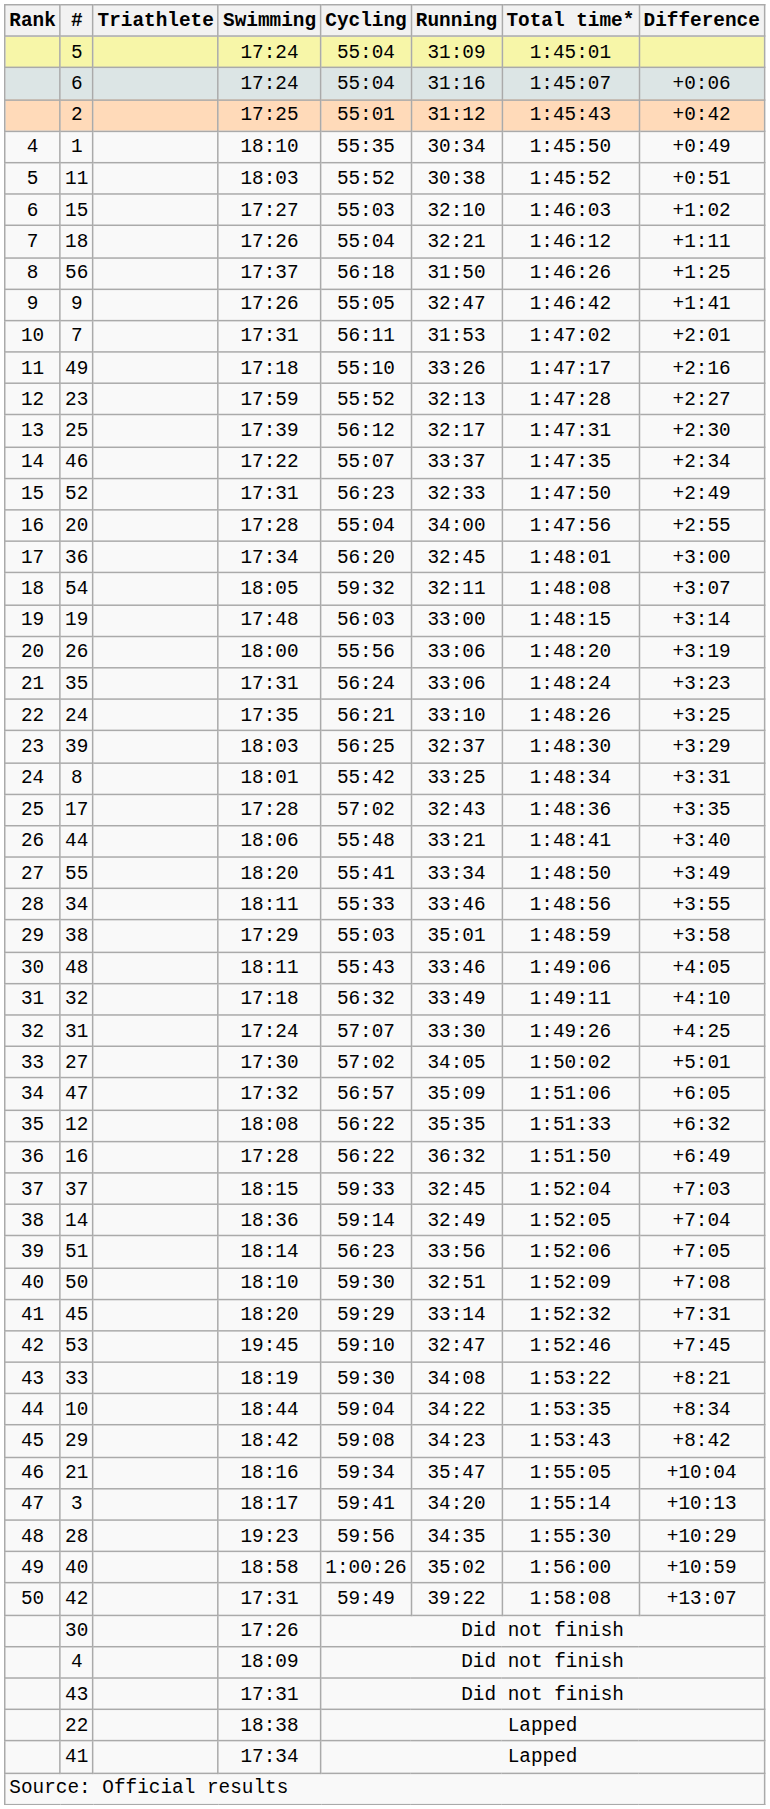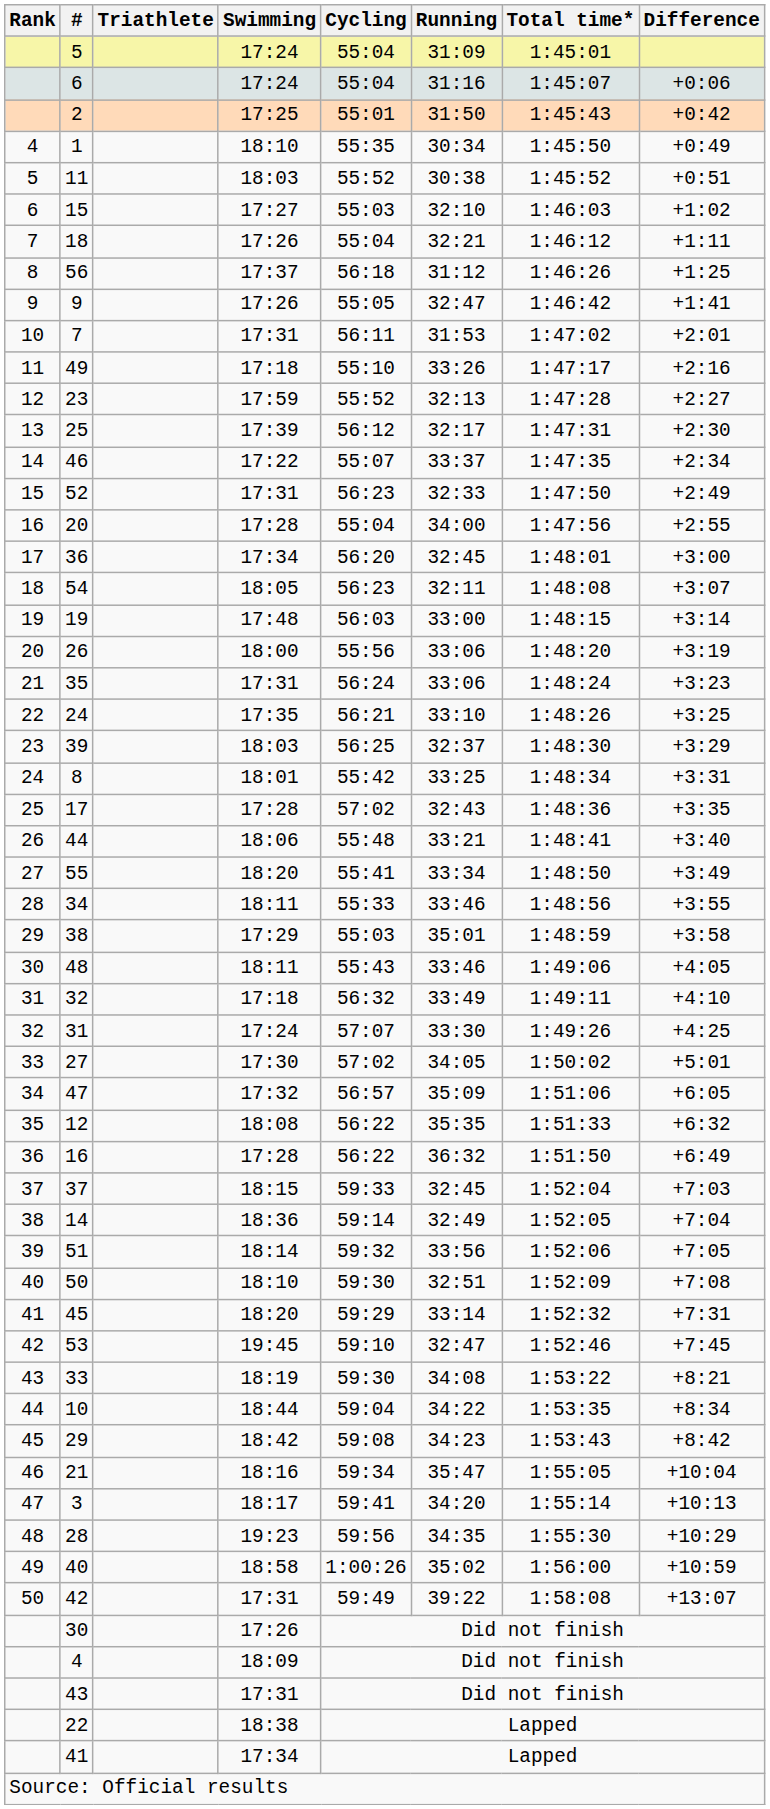 <table class="wikitable sortable" style="text-align:center">
 <tr>
 <th data-sort-type="number">Rank</th>
 <th>#</th>
 <th>Triathlete</th>
 <th>Swimming</th>
 <th>Cycling</th>
 <th>Running</th>
 <th>Total time*</th>
 <th>Difference</th>
 </tr>
 <tr style="background:#F7F6A8;”">
 <td></td>
 <td>5</td>
 <td align=left></td>
 <td>17:24</td>
 <td>55:04</td>
 <td>31:09</td>
 <td>1:45:01</td>
 <td></td>
 </tr>
 <tr style="background:#DCE5E5;”">
 <td></td>
 <td>6</td>
 <td align=left></td>
 <td>17:24</td>
 <td>55:04</td>
 <td>31:16</td>
 <td>1:45:07</td>
 <td>+0:06</td>
 </tr>
 <tr style="background:#FFDAB9;">
 <td></td>
 <td>2</td>
 <td align=left></td>
 <td>17:25</td>
 <td>55:01</td>
-<td>31:12</td>
+<td>31:50</td>
 <td>1:45:43</td>
 <td>+0:42</td>
 </tr>
 <tr>
 <td>4</td>
 <td>1</td>
 <td align=left></td>
 <td>18:10</td>
 <td>55:35</td>
 <td>30:34</td>
 <td>1:45:50</td>
 <td>+0:49</td>
 </tr>
 <tr>
 <td>5</td>
 <td>11</td>
 <td align=left></td>
 <td>18:03</td>
 <td>55:52</td>
 <td>30:38</td>
 <td>1:45:52</td>
 <td>+0:51</td>
 </tr>
 <tr>
 <td>6</td>
 <td>15</td>
 <td align=left></td>
 <td>17:27</td>
 <td>55:03</td>
 <td>32:10</td>
 <td>1:46:03</td>
 <td>+1:02</td>
 </tr>
 <tr>
 <td>7</td>
 <td>18</td>
 <td align=left></td>
 <td>17:26</td>
 <td>55:04</td>
 <td>32:21</td>
 <td>1:46:12</td>
 <td>+1:11</td>
 </tr>
 <tr>
 <td>8</td>
 <td>56</td>
 <td align=left></td>
 <td>17:37</td>
 <td>56:18</td>
-<td>31:50</td>
+<td>31:12</td>
 <td>1:46:26</td>
 <td>+1:25</td>
 </tr>
 <tr>
 <td>9</td>
 <td>9</td>
 <td align=left></td>
 <td>17:26</td>
 <td>55:05</td>
 <td>32:47</td>
 <td>1:46:42</td>
 <td>+1:41</td>
 </tr>
 <tr>
 <td>10</td>
 <td>7</td>
 <td align=left></td>
 <td>17:31</td>
 <td>56:11</td>
 <td>31:53</td>
 <td>1:47:02</td>
 <td>+2:01</td>
 </tr>
 <tr>
 <td>11</td>
 <td>49</td>
 <td align=left></td>
 <td>17:18</td>
 <td>55:10</td>
 <td>33:26</td>
 <td>1:47:17</td>
 <td>+2:16</td>
 </tr>
 <tr>
 <td>12</td>
 <td>23</td>
 <td align=left></td>
 <td>17:59</td>
 <td>55:52</td>
 <td>32:13</td>
 <td>1:47:28</td>
 <td>+2:27</td>
 </tr>
 <tr>
 <td>13</td>
 <td>25</td>
 <td align=left></td>
 <td>17:39</td>
 <td>56:12</td>
 <td>32:17</td>
 <td>1:47:31</td>
 <td>+2:30</td>
 </tr>
 <tr>
 <td>14</td>
 <td>46</td>
 <td align=left></td>
 <td>17:22</td>
 <td>55:07</td>
 <td>33:37</td>
 <td>1:47:35</td>
 <td>+2:34</td>
 </tr>
 <tr>
 <td>15</td>
 <td>52</td>
 <td align=left></td>
 <td>17:31</td>
 <td>56:23</td>
 <td>32:33</td>
 <td>1:47:50</td>
 <td>+2:49</td>
 </tr>
 <tr>
 <td>16</td>
 <td>20</td>
 <td align=left></td>
 <td>17:28</td>
 <td>55:04</td>
 <td>34:00</td>
 <td>1:47:56</td>
 <td>+2:55</td>
 </tr>
 <tr>
 <td>17</td>
 <td>36</td>
 <td align=left></td>
 <td>17:34</td>
 <td>56:20</td>
 <td>32:45</td>
 <td>1:48:01</td>
 <td>+3:00</td>
 </tr>
 <tr>
 <td>18</td>
 <td>54</td>
 <td align=left></td>
 <td>18:05</td>
-<td>59:32</td>
+<td>56:23</td>
 <td>32:11</td>
 <td>1:48:08</td>
 <td>+3:07</td>
 </tr>
 <tr>
 <td>19</td>
 <td>19</td>
 <td align=left></td>
 <td>17:48</td>
 <td>56:03</td>
 <td>33:00</td>
 <td>1:48:15</td>
 <td>+3:14</td>
 </tr>
 <tr>
 <td>20</td>
 <td>26</td>
 <td align=left></td>
 <td>18:00</td>
 <td>55:56</td>
 <td>33:06</td>
 <td>1:48:20</td>
 <td>+3:19</td>
 </tr>
 <tr>
 <td>21</td>
 <td>35</td>
 <td align=left></td>
 <td>17:31</td>
 <td>56:24</td>
 <td>33:06</td>
 <td>1:48:24</td>
 <td>+3:23</td>
 </tr>
 <tr>
 <td>22</td>
 <td>24</td>
 <td align=left></td>
 <td>17:35</td>
 <td>56:21</td>
 <td>33:10</td>
 <td>1:48:26</td>
 <td>+3:25</td>
 </tr>
 <tr>
 <td>23</td>
 <td>39</td>
 <td align=left></td>
 <td>18:03</td>
 <td>56:25</td>
 <td>32:37</td>
 <td>1:48:30</td>
 <td>+3:29</td>
 </tr>
 <tr>
 <td>24</td>
 <td>8</td>
 <td align=left></td>
 <td>18:01</td>
 <td>55:42</td>
 <td>33:25</td>
 <td>1:48:34</td>
 <td>+3:31</td>
 </tr>
 <tr>
 <td>25</td>
 <td>17</td>
 <td align=left></td>
 <td>17:28</td>
 <td>57:02</td>
 <td>32:43</td>
 <td>1:48:36</td>
 <td>+3:35</td>
 </tr>
 <tr>
 <td>26</td>
 <td>44</td>
 <td align=left></td>
 <td>18:06</td>
 <td>55:48</td>
 <td>33:21</td>
 <td>1:48:41</td>
 <td>+3:40</td>
 </tr>
 <tr>
 <td>27</td>
 <td>55</td>
 <td align=left></td>
 <td>18:20</td>
 <td>55:41</td>
 <td>33:34</td>
 <td>1:48:50</td>
 <td>+3:49</td>
 </tr>
 <tr>
 <td>28</td>
 <td>34</td>
 <td align=left></td>
 <td>18:11</td>
 <td>55:33</td>
 <td>33:46</td>
 <td>1:48:56</td>
 <td>+3:55</td>
 </tr>
 <tr>
 <td>29</td>
 <td>38</td>
 <td align=left></td>
 <td>17:29</td>
 <td>55:03</td>
 <td>35:01</td>
 <td>1:48:59</td>
 <td>+3:58</td>
 </tr>
 <tr>
 <td>30</td>
 <td>48</td>
 <td align=left></td>
 <td>18:11</td>
 <td>55:43</td>
 <td>33:46</td>
 <td>1:49:06</td>
 <td>+4:05</td>
 </tr>
 <tr>
 <td>31</td>
 <td>32</td>
 <td align=left></td>
 <td>17:18</td>
 <td>56:32</td>
 <td>33:49</td>
 <td>1:49:11</td>
 <td>+4:10</td>
 </tr>
 <tr>
 <td>32</td>
 <td>31</td>
 <td align=left></td>
 <td>17:24</td>
 <td>57:07</td>
 <td>33:30</td>
 <td>1:49:26</td>
 <td>+4:25</td>
 </tr>
 <tr>
 <td>33</td>
 <td>27</td>
 <td align=left></td>
 <td>17:30</td>
 <td>57:02</td>
 <td>34:05</td>
 <td>1:50:02</td>
 <td>+5:01</td>
 </tr>
 <tr>
 <td>34</td>
 <td>47</td>
 <td align=left></td>
 <td>17:32</td>
 <td>56:57</td>
 <td>35:09</td>
 <td>1:51:06</td>
 <td>+6:05</td>
 </tr>
 <tr>
 <td>35</td>
 <td>12</td>
 <td align=left></td>
 <td>18:08</td>
 <td>56:22</td>
 <td>35:35</td>
 <td>1:51:33</td>
 <td>+6:32</td>
 </tr>
 <tr>
 <td>36</td>
 <td>16</td>
 <td align=left></td>
 <td>17:28</td>
 <td>56:22</td>
 <td>36:32</td>
 <td>1:51:50</td>
 <td>+6:49</td>
 </tr>
 <tr>
 <td>37</td>
 <td>37</td>
 <td align=left></td>
 <td>18:15</td>
 <td>59:33</td>
 <td>32:45</td>
 <td>1:52:04</td>
 <td>+7:03</td>
 </tr>
 <tr>
 <td>38</td>
 <td>14</td>
 <td align=left></td>
 <td>18:36</td>
 <td>59:14</td>
 <td>32:49</td>
 <td>1:52:05</td>
 <td>+7:04</td>
 </tr>
 <tr>
 <td>39</td>
 <td>51</td>
 <td align=left></td>
 <td>18:14</td>
-<td>56:23</td>
+<td>59:32</td>
 <td>33:56</td>
 <td>1:52:06</td>
 <td>+7:05</td>
 </tr>
 <tr>
 <td>40</td>
 <td>50</td>
 <td align=left></td>
 <td>18:10</td>
 <td>59:30</td>
 <td>32:51</td>
 <td>1:52:09</td>
 <td>+7:08</td>
 </tr>
 <tr>
 <td>41</td>
 <td>45</td>
 <td align=left></td>
 <td>18:20</td>
 <td>59:29</td>
 <td>33:14</td>
 <td>1:52:32</td>
 <td>+7:31</td>
 </tr>
 <tr>
 <td>42</td>
 <td>53</td>
 <td align=left></td>
 <td>19:45</td>
 <td>59:10</td>
 <td>32:47</td>
 <td>1:52:46</td>
 <td>+7:45</td>
 </tr>
 <tr>
 <td>43</td>
 <td>33</td>
 <td align=left></td>
 <td>18:19</td>
 <td>59:30</td>
 <td>34:08</td>
 <td>1:53:22</td>
 <td>+8:21</td>
 </tr>
 <tr>
 <td>44</td>
 <td>10</td>
 <td align=left></td>
 <td>18:44</td>
 <td>59:04</td>
 <td>34:22</td>
 <td>1:53:35</td>
 <td>+8:34</td>
 </tr>
 <tr>
 <td>45</td>
 <td>29</td>
 <td align=left></td>
 <td>18:42</td>
 <td>59:08</td>
 <td>34:23</td>
 <td>1:53:43</td>
 <td>+8:42</td>
 </tr>
 <tr>
 <td>46</td>
 <td>21</td>
 <td align=left></td>
 <td>18:16</td>
 <td>59:34</td>
 <td>35:47</td>
 <td>1:55:05</td>
 <td>+10:04</td>
 </tr>
 <tr>
 <td>47</td>
 <td>3</td>
 <td align=left></td>
 <td>18:17</td>
 <td>59:41</td>
 <td>34:20</td>
 <td>1:55:14</td>
 <td>+10:13</td>
 </tr>
 <tr>
 <td>48</td>
 <td>28</td>
 <td align=left></td>
 <td>19:23</td>
 <td>59:56</td>
 <td>34:35</td>
 <td>1:55:30</td>
 <td>+10:29</td>
 </tr>
 <tr>
 <td>49</td>
 <td>40</td>
 <td align=left></td>
 <td>18:58</td>
 <td>1:00:26</td>
 <td>35:02</td>
 <td>1:56:00</td>
 <td>+10:59</td>
 </tr>
 <tr>
 <td>50</td>
 <td>42</td>
 <td align=left></td>
 <td>17:31</td>
 <td>59:49</td>
 <td>39:22</td>
 <td>1:58:08</td>
 <td>+13:07</td>
 </tr>
 <tr>
 <td></td>
 <td>30</td>
 <td align=left></td>
 <td>17:26</td>
 <td colspan=4>Did not finish</td>
 </tr>
 <tr>
 <td></td>
 <td>4</td>
 <td align=left></td>
 <td>18:09</td>
 <td colspan=4>Did not finish</td>
 </tr>
 <tr>
 <td></td>
 <td>43</td>
 <td align=left></td>
 <td>17:31</td>
 <td colspan=4>Did not finish</td>
 </tr>
 <tr>
 <td></td>
 <td>22</td>
 <td align=left></td>
 <td>18:38</td>
 <td colspan=4>Lapped</td>
 </tr>
 <tr>
 <td></td>
 <td>41</td>
 <td align=left></td>
 <td>17:34</td>
 <td colspan=4>Lapped</td>
 </tr>
 <tr class="sortbottom">
 <td colspan="9" style="text-align:left;">Source: Official results</td>
 </tr>
 </table>
